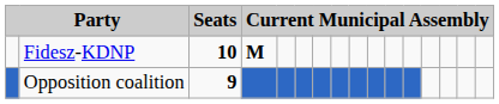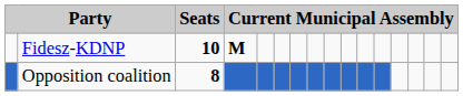 <table class="wikitable">
 <tr>
 <th style="background:#ccc" colspan="2">Party</th>
 <th style="background:#ccc">Seats</th>
 <th style="background:#ccc" colspan="16">Current Municipal Assembly</th>
 </tr>
 <tr>
 <td style="background-color: "> </td>
 <td><a href='#'>Fidesz</a>-<a href='#'>KDNP</a></td>
 <td style="text-align: right"><strong>10</strong></td>
 <td style="background-color: "><span><strong>M</strong></span></td>
 <td style="background-color: "> </td>
 <td style="background-color: "> </td>
 <td style="background-color: "> </td>
 <td style="background-color: "> </td>
 <td style="background-color: "> </td>
 <td style="background-color: "> </td>
 <td style="background-color: "> </td>
 <td style="background-color: "> </td>
 <td style="background-color: "> </td>
 <td style="background-color: "> </td>
 <td style="background-color: "> </td>
 <td style="background-color: "> </td>
 </tr>
 <tr>
 <td style="background-color: #2D68C4"> </td>
 <td>Opposition coalition</td>
-<td style="text-align: right"><strong>9</strong></td>
+<td style="text-align: right"><strong>8</strong></td>
 <td style="background-color: #2D68C4"> </td>
 <td style="background-color: #2D68C4"> </td>
 <td style="background-color: #2D68C4"> </td>
 <td style="background-color: #2D68C4"> </td>
 <td style="background-color: #2D68C4"> </td>
 <td style="background-color: #2D68C4"> </td>
 <td style="background-color: #2D68C4"> </td>
 <td style="background-color: #2D68C4"> </td>
 <td style="background-color: #2D68C4"> </td>
 <td> </td>
 <td> </td>
 <td> </td>
 <td> </td>
 </tr>
 </table>
